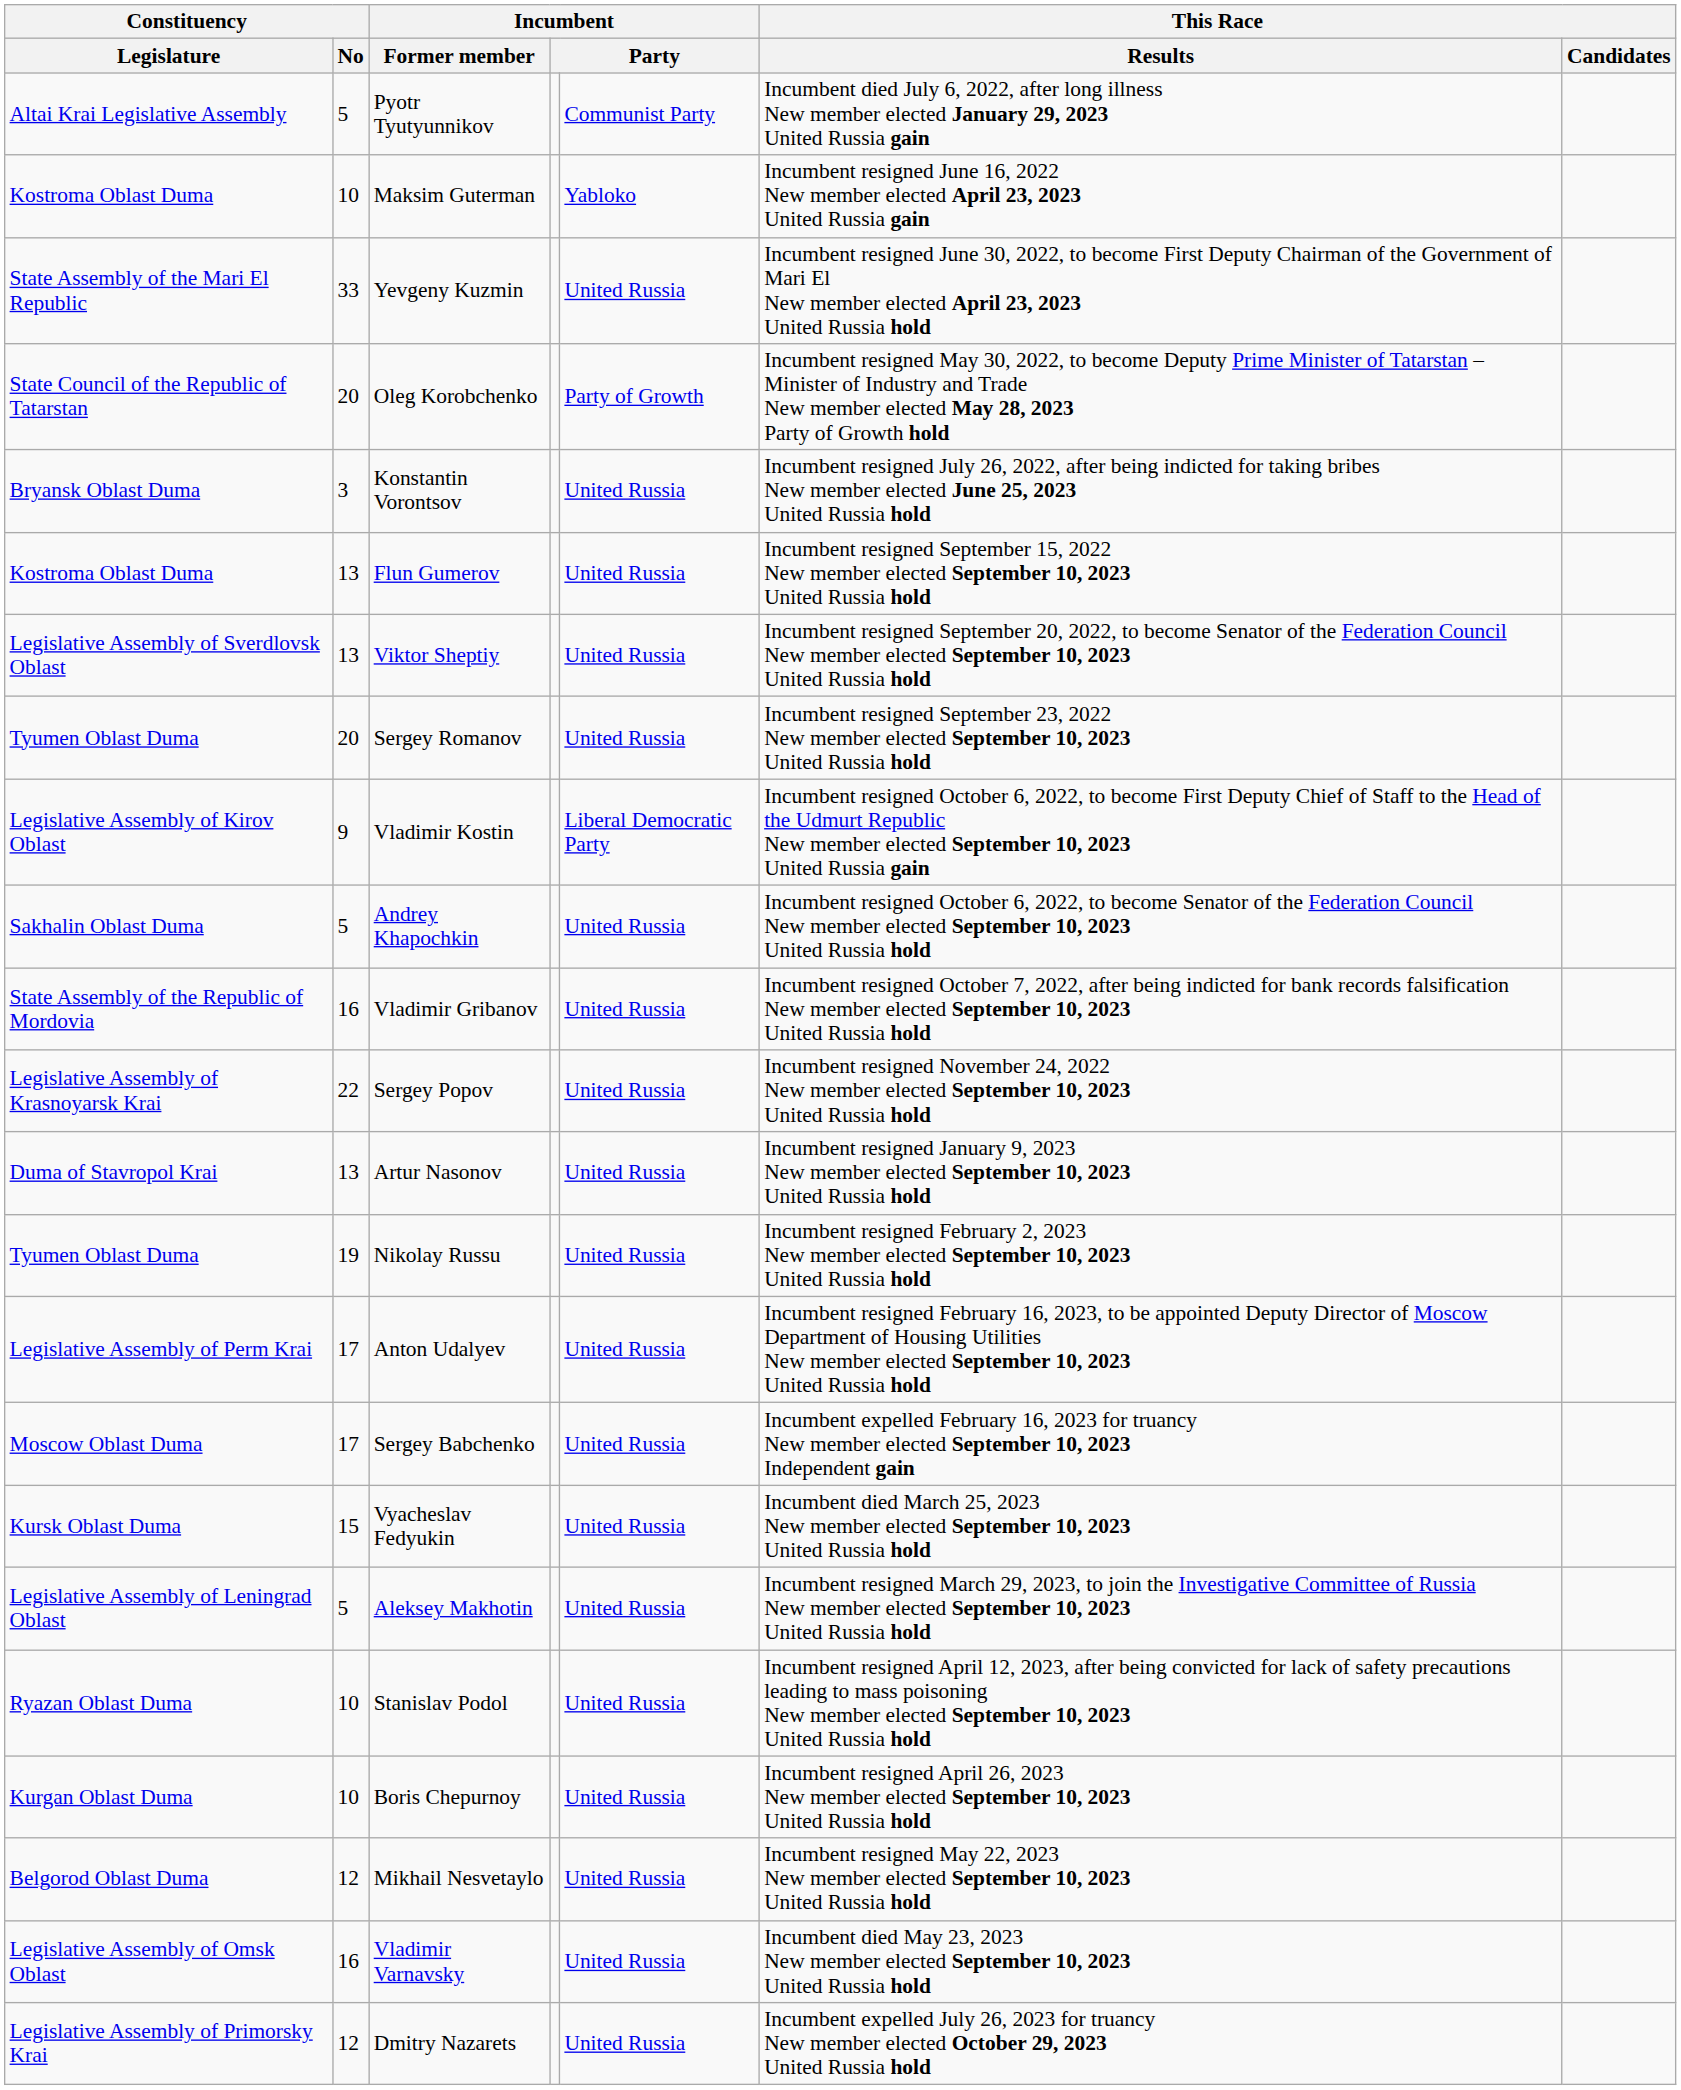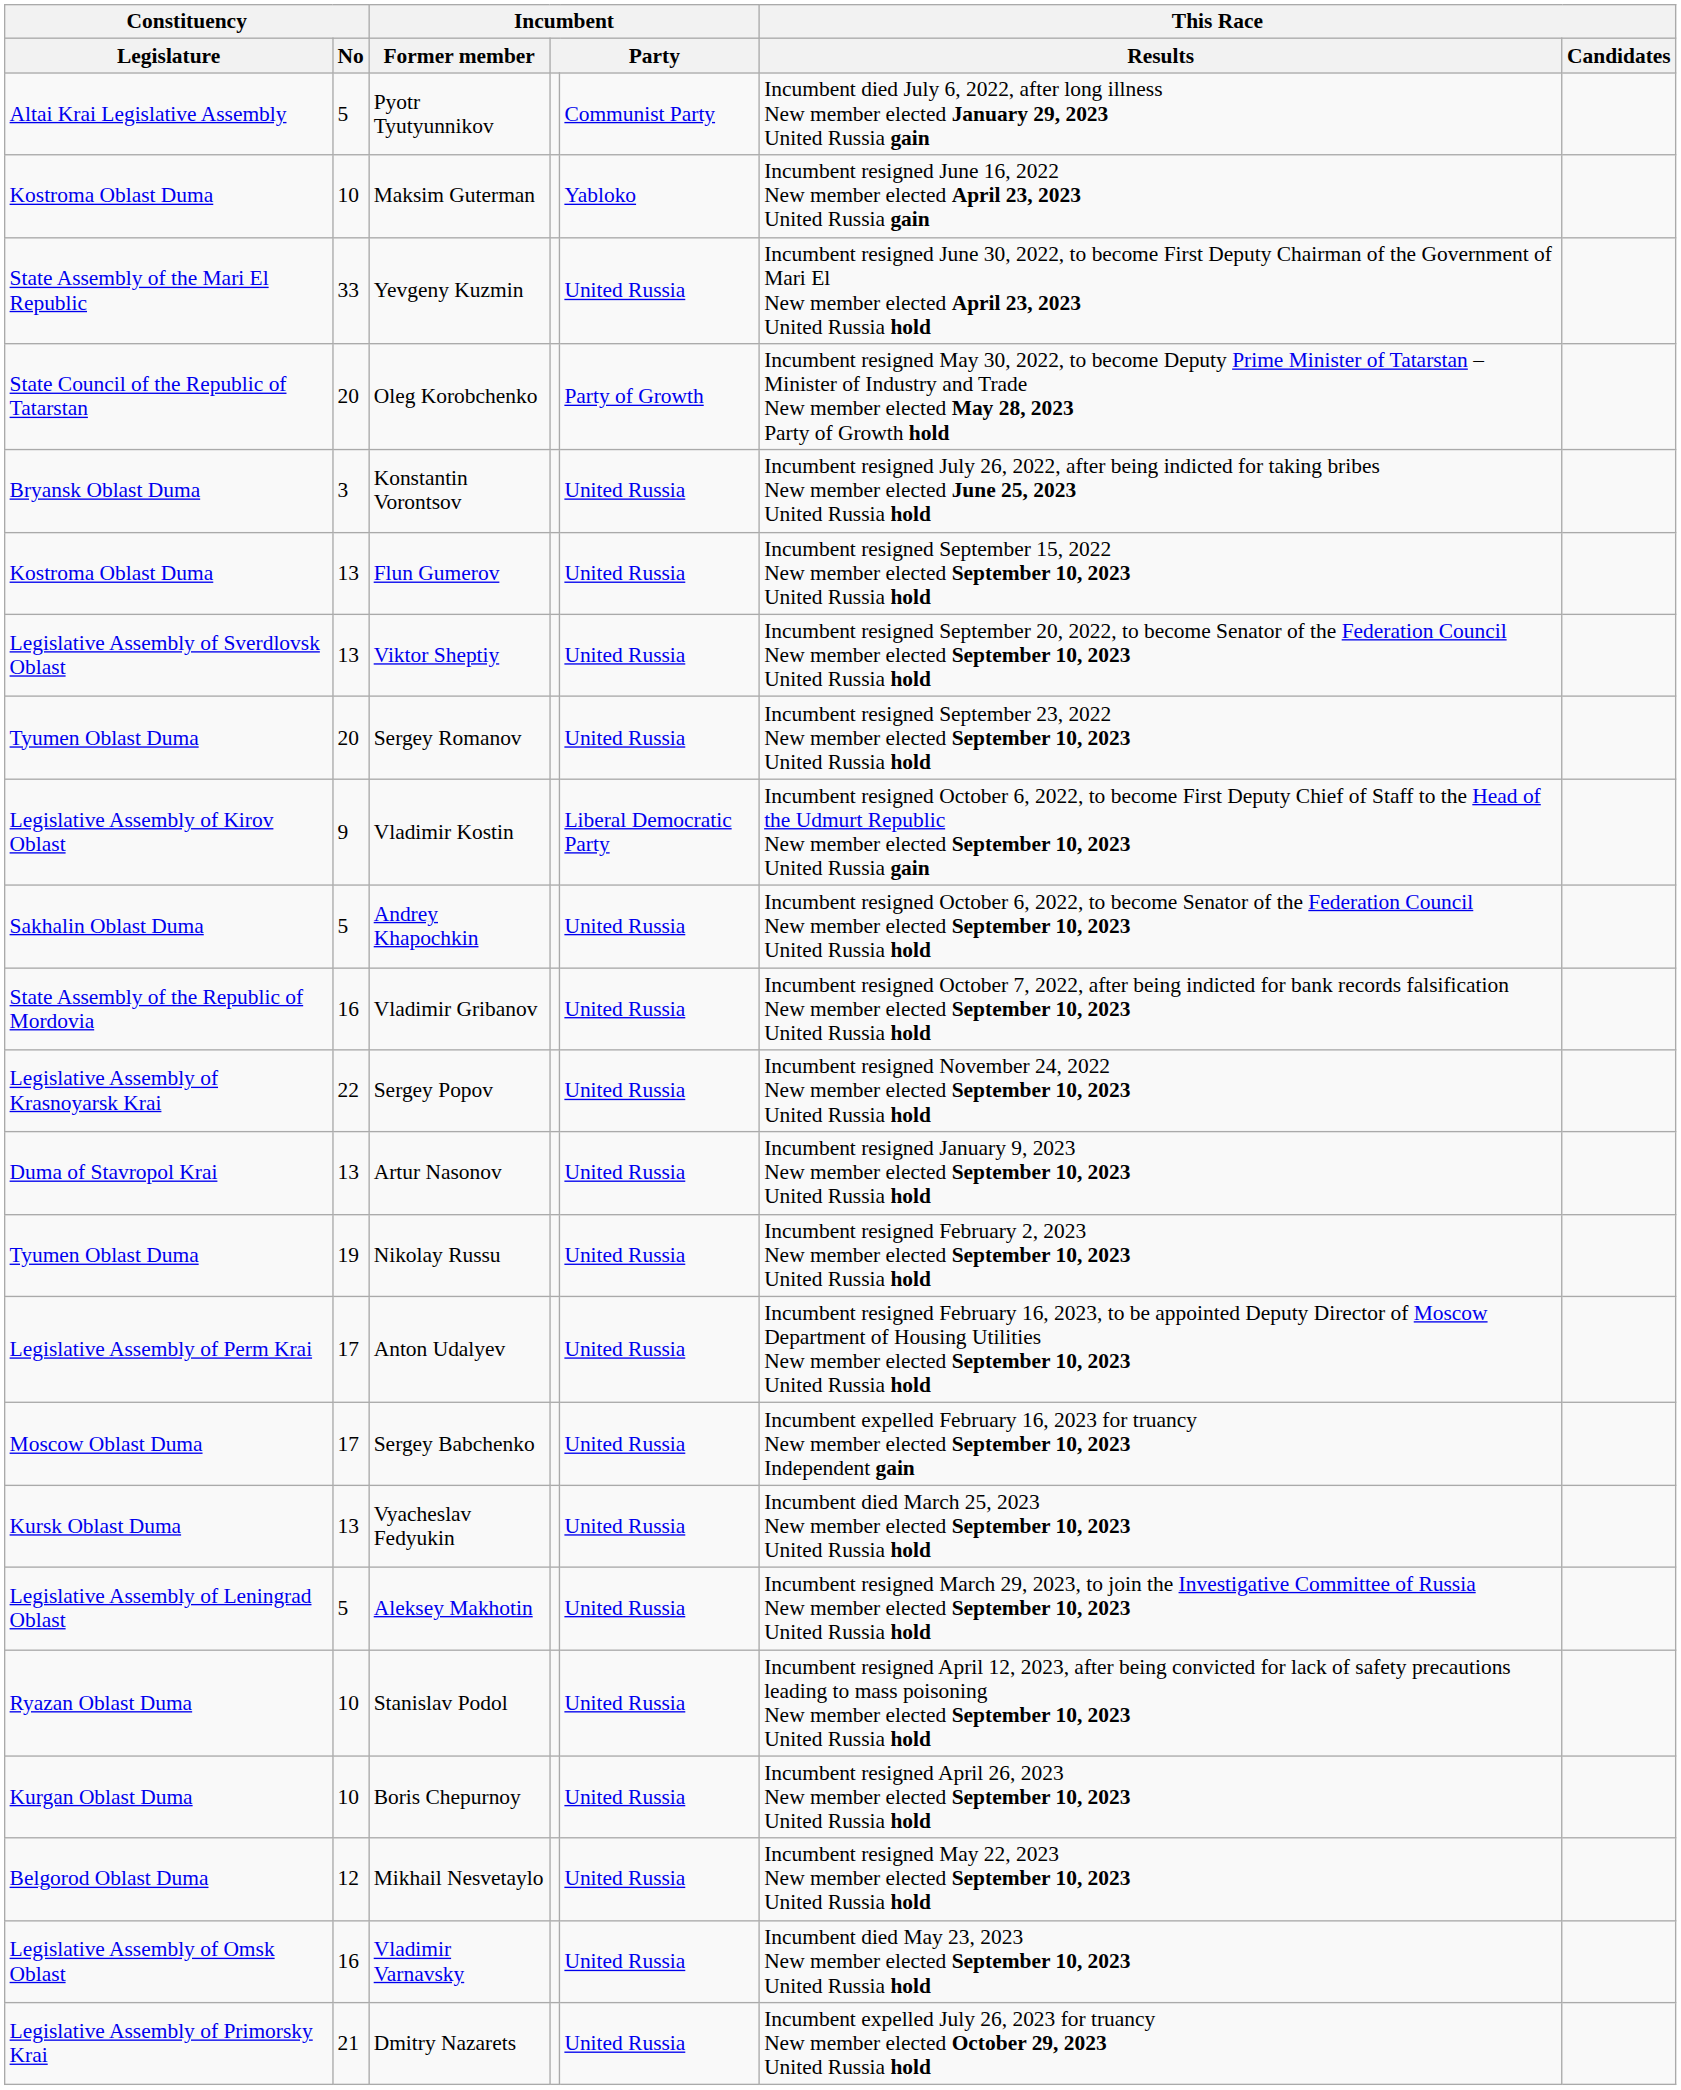 <table class="wikitable">
 <tr>
 <th colspan=2>Constituency</th>
 <th colspan=3>Incumbent</th>
 <th colspan=2>This Race</th>
 </tr>
 <tr>
 <th>Legislature</th>
 <th>No</th>
 <th>Former member</th>
 <th colspan=2>Party</th>
 <th>Results</th>
 <th>Candidates</th>
 </tr>
 <tr>
 <td><a href='#'>Altai Krai Legislative Assembly</a></td>
 <td>5</td>
 <td>Pyotr Tyutyunnikov</td>
 <td style="background-color:"></td>
 <td><a href='#'>Communist Party</a></td>
 <td>Incumbent died July 6, 2022, after long illness<br>New member elected <strong>January 29, 2023</strong><br>United Russia <strong>gain</strong></td>
 <td nowrap></td>
 </tr>
 <tr>
 <td><a href='#'>Kostroma Oblast Duma</a></td>
 <td>10</td>
 <td>Maksim Guterman</td>
 <td style="background-color:"></td>
 <td><a href='#'>Yabloko</a></td>
 <td>Incumbent resigned June 16, 2022<br>New member elected <strong>April 23, 2023</strong><br>United Russia <strong>gain</strong></td>
 <td nowrap></td>
 </tr>
 <tr>
 <td><a href='#'>State Assembly of the Mari El Republic</a></td>
 <td>33</td>
 <td>Yevgeny Kuzmin</td>
 <td style="background-color:"></td>
 <td><a href='#'>United Russia</a></td>
 <td>Incumbent resigned June 30, 2022, to become First Deputy Chairman of the Government of Mari El<br>New member elected <strong>April 23, 2023</strong><br>United Russia <strong>hold</strong></td>
 <td nowrap></td>
 </tr>
 <tr>
 <td><a href='#'>State Council of the Republic of Tatarstan</a></td>
 <td>20</td>
 <td>Oleg Korobchenko</td>
 <td style="background-color:"></td>
 <td><a href='#'>Party of Growth</a></td>
 <td>Incumbent resigned May 30, 2022, to become Deputy <a href='#'>Prime Minister of Tatarstan</a> – Minister of Industry and Trade<br>New member elected <strong>May 28, 2023</strong><br>Party of Growth <strong>hold</strong></td>
 <td nowrap></td>
 </tr>
 <tr>
 <td><a href='#'>Bryansk Oblast Duma</a></td>
 <td>3</td>
 <td>Konstantin Vorontsov</td>
 <td style="background-color:"></td>
 <td><a href='#'>United Russia</a></td>
 <td>Incumbent resigned July 26, 2022, after being indicted for taking bribes<br>New member elected <strong>June 25, 2023</strong><br>United Russia <strong>hold</strong></td>
 <td nowrap></td>
 </tr>
 <tr>
 <td><a href='#'>Kostroma Oblast Duma</a></td>
 <td>13</td>
 <td><a href='#'>Flun Gumerov</a></td>
 <td style="background-color:"></td>
 <td><a href='#'>United Russia</a></td>
 <td>Incumbent resigned September 15, 2022<br>New member elected <strong>September 10, 2023</strong><br> United Russia <strong>hold</strong></td>
 <td nowrap></td>
 </tr>
 <tr>
 <td><a href='#'>Legislative Assembly of Sverdlovsk Oblast</a></td>
 <td>13</td>
 <td><a href='#'>Viktor Sheptiy</a></td>
 <td style="background-color:"></td>
 <td><a href='#'>United Russia</a></td>
 <td>Incumbent resigned September 20, 2022, to become Senator of the <a href='#'>Federation Council</a><br>New member elected <strong>September 10, 2023</strong><br>United Russia <strong>hold</strong></td>
 <td nowrap></td>
 </tr>
 <tr>
 <td><a href='#'>Tyumen Oblast Duma</a></td>
 <td>20</td>
 <td>Sergey Romanov</td>
 <td style="background-color:"></td>
 <td><a href='#'>United Russia</a></td>
 <td>Incumbent resigned September 23, 2022<br>New member elected <strong>September 10, 2023</strong><br>United Russia <strong>hold</strong></td>
 <td nowrap></td>
 </tr>
 <tr>
 <td><a href='#'>Legislative Assembly of Kirov Oblast</a></td>
 <td>9</td>
 <td>Vladimir Kostin</td>
 <td style="background-color:"></td>
 <td><a href='#'>Liberal Democratic Party</a></td>
 <td>Incumbent resigned October 6, 2022, to become First Deputy Chief of Staff to the <a href='#'>Head of the Udmurt Republic</a><br>New member elected <strong>September 10, 2023</strong><br>United Russia <strong>gain</strong></td>
 <td nowrap></td>
 </tr>
 <tr>
 <td><a href='#'>Sakhalin Oblast Duma</a></td>
 <td>5</td>
 <td><a href='#'>Andrey Khapochkin</a></td>
 <td style="background-color:"></td>
 <td><a href='#'>United Russia</a></td>
 <td>Incumbent resigned October 6, 2022, to become Senator of the <a href='#'>Federation Council</a><br>New member elected <strong>September 10, 2023</strong><br>United Russia <strong>hold</strong></td>
 <td nowrap></td>
 </tr>
 <tr>
 <td><a href='#'>State Assembly of the Republic of Mordovia</a></td>
 <td>16</td>
 <td>Vladimir Gribanov</td>
 <td style="background-color:"></td>
 <td><a href='#'>United Russia</a></td>
 <td>Incumbent resigned October 7, 2022, after being indicted for bank records falsification<br>New member elected <strong>September 10, 2023</strong><br>United Russia <strong>hold</strong></td>
 <td nowrap></td>
 </tr>
 <tr>
 <td><a href='#'>Legislative Assembly of Krasnoyarsk Krai</a></td>
 <td>22</td>
 <td>Sergey Popov</td>
 <td style="background-color:"></td>
 <td><a href='#'>United Russia</a></td>
 <td>Incumbent resigned November 24, 2022<br>New member elected <strong>September 10, 2023</strong><br>United Russia <strong>hold</strong></td>
 <td nowrap></td>
 </tr>
 <tr>
 <td><a href='#'>Duma of Stavropol Krai</a></td>
 <td>13</td>
 <td>Artur Nasonov</td>
 <td style="background-color:"></td>
 <td><a href='#'>United Russia</a></td>
 <td>Incumbent resigned January 9, 2023<br>New member elected <strong>September 10, 2023</strong><br>United Russia <strong>hold</strong></td>
 <td nowrap></td>
 </tr>
 <tr>
 <td><a href='#'>Tyumen Oblast Duma</a></td>
 <td>19</td>
 <td>Nikolay Russu</td>
 <td style="background-color:"></td>
 <td><a href='#'>United Russia</a></td>
 <td>Incumbent resigned February 2, 2023<br>New member elected <strong>September 10, 2023</strong><br>United Russia <strong>hold</strong></td>
 <td nowrap></td>
 </tr>
 <tr>
 <td><a href='#'>Legislative Assembly of Perm Krai</a></td>
 <td>17</td>
 <td>Anton Udalyev</td>
 <td style="background-color:"></td>
 <td><a href='#'>United Russia</a></td>
 <td>Incumbent resigned February 16, 2023, to be appointed Deputy Director of <a href='#'>Moscow</a> Department of Housing Utilities<br>New member elected <strong>September 10, 2023</strong><br>United Russia <strong>hold</strong></td>
 <td nowrap></td>
 </tr>
 <tr>
 <td><a href='#'>Moscow Oblast Duma</a></td>
 <td>17</td>
 <td>Sergey Babchenko</td>
 <td style="background-color:"></td>
 <td><a href='#'>United Russia</a></td>
 <td>Incumbent expelled February 16, 2023 for truancy<br>New member elected <strong>September 10, 2023</strong><br> Independent <strong>gain</strong></td>
 <td nowrap></td>
 </tr>
 <tr>
 <td><a href='#'>Kursk Oblast Duma</a></td>
-<td>15</td>
+<td>13</td>
 <td>Vyacheslav Fedyukin</td>
 <td style="background-color:"></td>
 <td><a href='#'>United Russia</a></td>
 <td>Incumbent died March 25, 2023<br>New member elected <strong>September 10, 2023</strong><br>United Russia <strong>hold</strong></td>
 <td nowrap></td>
 </tr>
 <tr>
 <td><a href='#'>Legislative Assembly of Leningrad Oblast</a></td>
 <td>5</td>
 <td><a href='#'>Aleksey Makhotin</a></td>
 <td style="background-color:"></td>
 <td><a href='#'>United Russia</a></td>
 <td>Incumbent resigned March 29, 2023, to join the <a href='#'>Investigative Committee of Russia</a><br>New member elected <strong>September 10, 2023</strong><br>United Russia <strong>hold</strong></td>
 <td nowrap></td>
 </tr>
 <tr>
 <td><a href='#'>Ryazan Oblast Duma</a></td>
 <td>10</td>
 <td>Stanislav Podol</td>
 <td style="background-color:"></td>
 <td><a href='#'>United Russia</a></td>
 <td>Incumbent resigned April 12, 2023, after being convicted for lack of safety precautions leading to mass poisoning<br>New member elected <strong>September 10, 2023</strong><br>United Russia <strong>hold</strong></td>
 <td nowrap></td>
 </tr>
 <tr>
 <td><a href='#'>Kurgan Oblast Duma</a></td>
 <td>10</td>
 <td>Boris Chepurnoy</td>
 <td style="background-color:"></td>
 <td><a href='#'>United Russia</a></td>
 <td>Incumbent resigned April 26, 2023<br>New member elected <strong>September 10, 2023</strong><br>United Russia <strong>hold</strong></td>
 <td nowrap></td>
 </tr>
 <tr>
 <td><a href='#'>Belgorod Oblast Duma</a></td>
 <td>12</td>
 <td>Mikhail Nesvetaylo</td>
 <td style="background-color:"></td>
 <td><a href='#'>United Russia</a></td>
 <td>Incumbent resigned May 22, 2023<br>New member elected <strong>September 10, 2023</strong><br>United Russia <strong>hold</strong></td>
 <td nowrap></td>
 </tr>
 <tr>
 <td><a href='#'>Legislative Assembly of Omsk Oblast</a></td>
 <td>16</td>
 <td><a href='#'>Vladimir Varnavsky</a></td>
 <td style="background-color:"></td>
 <td><a href='#'>United Russia</a></td>
 <td>Incumbent died May 23, 2023<br>New member elected <strong>September 10, 2023</strong><br>United Russia <strong>hold</strong></td>
 <td nowrap></td>
 </tr>
 <tr>
 <td><a href='#'>Legislative Assembly of Primorsky Krai</a></td>
-<td>12</td>
+<td>21</td>
 <td>Dmitry Nazarets</td>
 <td style="background-color:"></td>
 <td><a href='#'>United Russia</a></td>
 <td>Incumbent expelled July 26, 2023 for truancy<br>New member elected <strong>October 29, 2023</strong><br>United Russia <strong>hold</strong></td>
 <td nowrap></td>
 </tr>
 </table>
